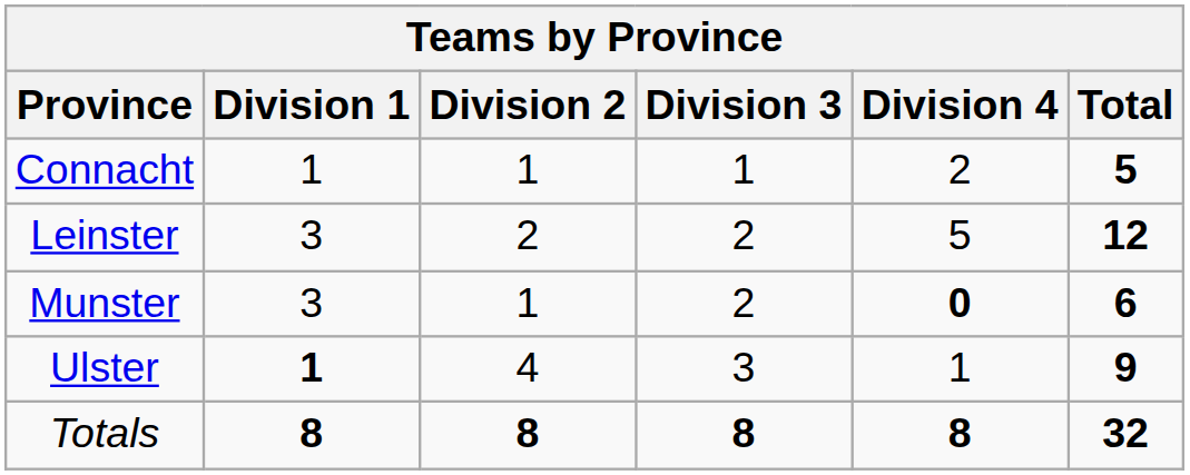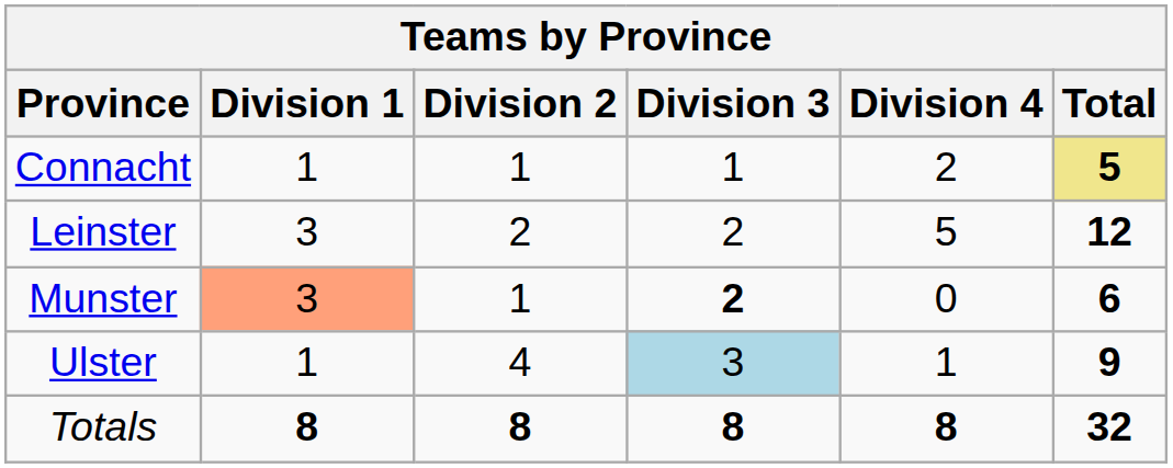 <table class="wikitable" style="text-align:center">
 <tr>
 <th colspan=6>Teams by Province</th>
 </tr>
 <tr>
 <th>Province</th>
 <th>Division 1</th>
 <th>Division 2</th>
 <th>Division 3</th>
 <th>Division 4</th>
 <th>Total</th>
 </tr>
 <tr>
 <td><a href='#'>Connacht</a></td>
 <td>1</td>
 <td>1</td>
 <td>1</td>
 <td>2</td>
-<td><strong>5</strong></td>
+<td style="background: khaki;"><strong>5</strong></td>
 </tr>
 <tr>
 <td><a href='#'>Leinster</a></td>
 <td>3</td>
 <td>2</td>
 <td>2</td>
 <td>5</td>
 <td><strong>12</strong></td>
 </tr>
 <tr>
 <td><a href='#'>Munster</a></td>
-<td>3</td>
+<td style="background: lightsalmon;">3</td>
 <td>1</td>
-<td>2</td>
-<td><strong>0</strong></td>
+<td><strong>2</strong></td>
+<td>0</td>
 <td><strong>6</strong></td>
 </tr>
 <tr>
 <td><a href='#'>Ulster</a></td>
-<td><strong>1</strong></td>
+<td>1</td>
 <td>4</td>
-<td>3</td>
+<td style="background: lightblue;">3</td>
 <td>1</td>
 <td><strong>9</strong></td>
 </tr>
 <tr>
 <td><em>Totals</em></td>
 <td><strong>8</strong></td>
 <td><strong>8</strong></td>
 <td><strong>8</strong></td>
 <td><strong>8</strong></td>
 <td><strong>32</strong></td>
 </tr>
 </table>
